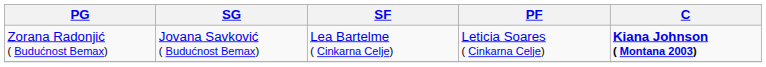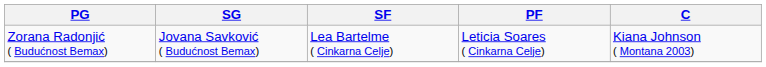 <table class="wikitable sortable" style="text-align: center;">
 <tr>
 <th style="width:175px;"><a href='#'>PG</a></th>
 <th style="width:175px;"><a href='#'>SG</a></th>
 <th style="width:175px;"><a href='#'>SF</a></th>
 <th style="width:175px;"><a href='#'>PF</a></th>
 <th style="width:175px;"><a href='#'>C</a></th>
 </tr>
 <tr>
 <td style="text-align:left;"> <a href='#'>Zorana Radonjić</a> <br><small>( <a href='#'>Budućnost Bemax</a>)</small></td>
 <td style="text-align:left;"> <a href='#'>Jovana Savković</a> <br><small>( <a href='#'>Budućnost Bemax</a>)</small></td>
 <td style="text-align:left;"> <a href='#'>Lea Bartelme</a> <br><small>( <a href='#'>Cinkarna Celje</a>)</small></td>
 <td style="text-align:left;"> <a href='#'>Leticia Soares</a> <br><small>( <a href='#'>Cinkarna Celje</a>)</small></td>
-<td style="text-align:left;"><strong> <a href='#'>Kiana Johnson</a> <br><small>( <a href='#'>Montana 2003</a>)</small></strong></td>
+<td style="text-align:left;"> <a href='#'>Kiana Johnson</a> <br><small>( <a href='#'>Montana 2003</a>)</small></td>
 </tr>
 <tr>
 </tr>
 </table>
